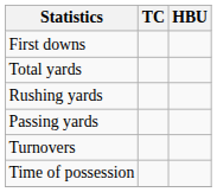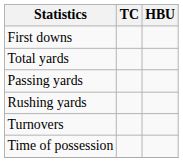 <table class="wikitable">
 <tr>
 <th>Statistics</th>
 <th>TC</th>
 <th>HBU</th>
 </tr>
 <tr>
 <td>First downs</td>
 <td></td>
 <td></td>
 </tr>
 <tr>
 <td>Total yards</td>
 <td></td>
 <td></td>
 </tr>
 <tr>
-<td>Rushing yards</td>
+<td>Passing yards</td>
 <td></td>
 <td></td>
 </tr>
 <tr>
-<td>Passing yards</td>
+<td>Rushing yards</td>
 <td></td>
 <td></td>
 </tr>
 <tr>
 <td>Turnovers</td>
 <td></td>
 <td></td>
 </tr>
 <tr>
 <td>Time of possession</td>
 <td></td>
 <td></td>
 </tr>
 <tr>
 </tr>
 </table>
